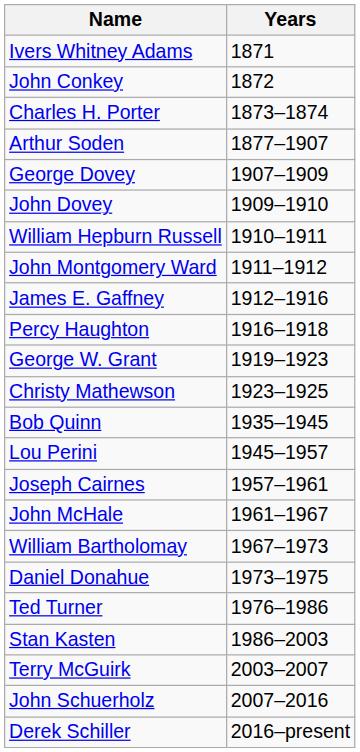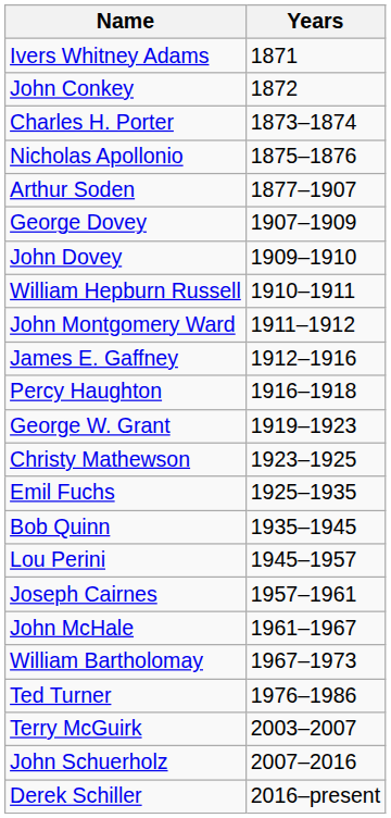 <table class="wikitable">
 <tr>
 <th>Name</th>
 <th>Years</th>
 </tr>
 <tr>
 <td><a href='#'>Ivers Whitney Adams</a></td>
 <td>1871</td>
 </tr>
 <tr>
 <td><a href='#'>John Conkey</a></td>
 <td>1872</td>
 </tr>
 <tr>
 <td><a href='#'>Charles H. Porter</a></td>
 <td>1873–1874</td>
+</tr>
+<tr>
+<td><a href='#'>Nicholas Apollonio</a></td>
+<td>1875–1876</td>
 </tr>
 <tr>
 <td><a href='#'>Arthur Soden</a></td>
 <td>1877–1907</td>
 </tr>
 <tr>
 <td><a href='#'>George Dovey</a></td>
 <td>1907–1909</td>
 </tr>
 <tr>
 <td><a href='#'>John Dovey</a></td>
 <td>1909–1910</td>
 </tr>
 <tr>
 <td><a href='#'>William Hepburn Russell</a></td>
 <td>1910–1911</td>
 </tr>
 <tr>
 <td><a href='#'>John Montgomery Ward</a></td>
 <td>1911–1912</td>
 </tr>
 <tr>
 <td><a href='#'>James E. Gaffney</a></td>
 <td>1912–1916</td>
 </tr>
 <tr>
 <td><a href='#'>Percy Haughton</a></td>
 <td>1916–1918</td>
 </tr>
 <tr>
 <td><a href='#'>George W. Grant</a></td>
 <td>1919–1923</td>
 </tr>
 <tr>
 <td><a href='#'>Christy Mathewson</a></td>
 <td>1923–1925</td>
 </tr>
 <tr>
+<td><a href='#'>Emil Fuchs</a></td>
+<td>1925–1935</td>
+</tr>
+<tr>
 <td><a href='#'>Bob Quinn</a></td>
 <td>1935–1945</td>
 </tr>
 <tr>
 <td><a href='#'>Lou Perini</a></td>
 <td>1945–1957</td>
 </tr>
 <tr>
 <td><a href='#'>Joseph Cairnes</a></td>
 <td>1957–1961</td>
 </tr>
 <tr>
 <td><a href='#'>John McHale</a></td>
 <td>1961–1967</td>
 </tr>
 <tr>
 <td><a href='#'>William Bartholomay</a></td>
 <td>1967–1973</td>
 </tr>
 <tr>
-<td><a href='#'>Daniel Donahue</a></td>
-<td>1973–1975</td>
-</tr>
-<tr>
 <td><a href='#'>Ted Turner</a></td>
 <td>1976–1986</td>
-</tr>
-<tr>
-<td><a href='#'>Stan Kasten</a></td>
-<td>1986–2003</td>
 </tr>
 <tr>
 <td><a href='#'>Terry McGuirk</a></td>
 <td>2003–2007</td>
 </tr>
 <tr>
 <td><a href='#'>John Schuerholz</a></td>
 <td>2007–2016</td>
 </tr>
 <tr>
 <td><a href='#'>Derek Schiller</a></td>
 <td>2016–present</td>
 </tr>
 </table>
